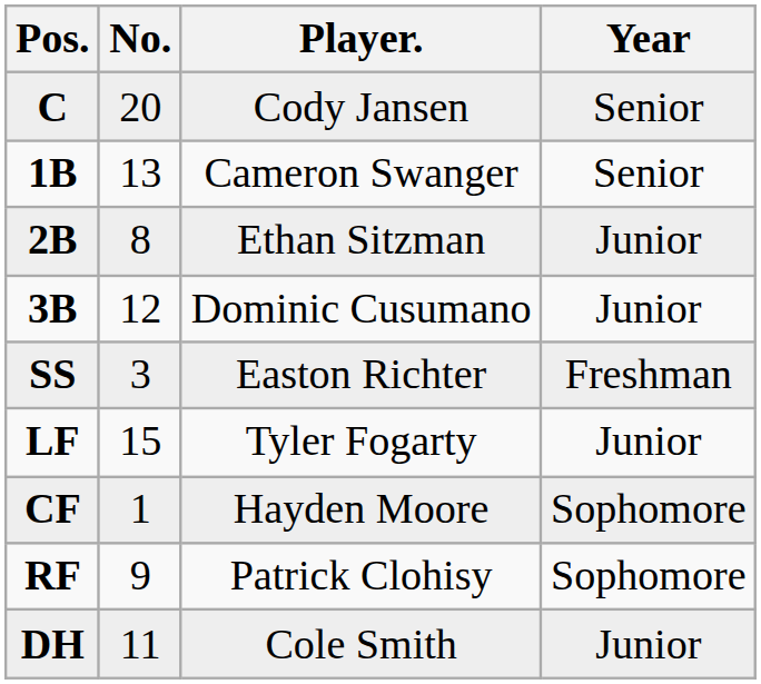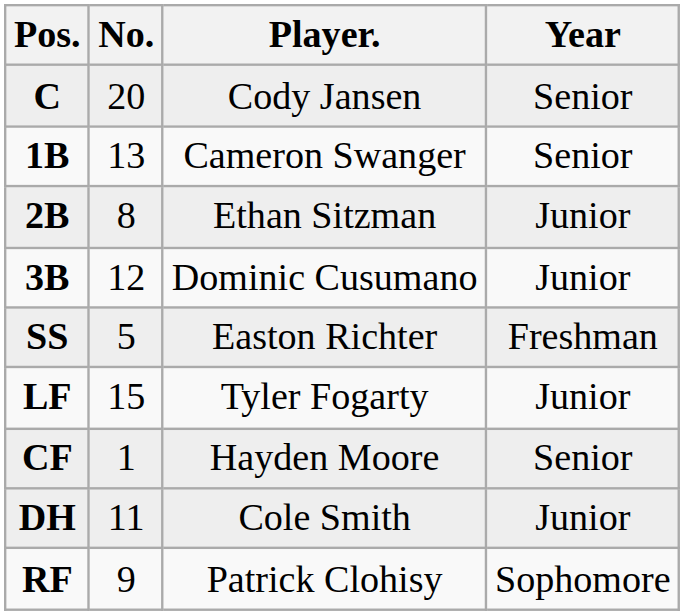 <table class="wikitable non-sortable">
 <tr>
 <th style="text-align:center; ">Pos.</th>
 <th style="text-align:center; ">No.</th>
 <th style="text-align:center; ">Player.</th>
 <th style="text-align:center; ">Year</th>
 </tr>
 <tr style="background:#eeeeee;text-align:center;">
 <td><strong>C</strong></td>
 <td>20</td>
 <td>Cody Jansen</td>
 <td>Senior</td>
 </tr>
 <tr style="text-align:center;">
 <td><strong>1B</strong></td>
 <td>13</td>
 <td>Cameron Swanger</td>
 <td>Senior</td>
 </tr>
 <tr style="background:#eeeeee;text-align:center;">
 <td><strong>2B</strong></td>
 <td>8</td>
 <td>Ethan Sitzman</td>
 <td>Junior</td>
 </tr>
 <tr style="text-align:center;">
 <td><strong>3B</strong></td>
 <td>12</td>
 <td>Dominic Cusumano</td>
 <td>Junior</td>
 </tr>
 <tr style="background:#eeeeee;text-align:center;">
 <td><strong>SS</strong></td>
-<td>3</td>
+<td>5</td>
 <td>Easton Richter</td>
 <td>Freshman</td>
 </tr>
 <tr style="text-align:center;">
 <td><strong>LF</strong></td>
 <td>15</td>
 <td>Tyler Fogarty</td>
 <td>Junior</td>
 </tr>
 <tr style="background:#eeeeee;text-align:center;">
 <td><strong>CF</strong></td>
 <td>1</td>
 <td>Hayden Moore</td>
-<td>Sophomore</td>
+<td>Senior</td>
+</tr>
+<tr style="background:#eeeeee;text-align:center;">
+<td><strong>DH</strong></td>
+<td>11</td>
+<td>Cole Smith</td>
+<td>Junior</td>
 </tr>
 <tr style="text-align:center;">
 <td><strong>RF</strong></td>
 <td>9</td>
 <td>Patrick Clohisy</td>
 <td>Sophomore</td>
 </tr>
-<tr style="background:#eeeeee;text-align:center;">
-<td><strong>DH</strong></td>
-<td>11</td>
-<td>Cole Smith</td>
-<td>Junior</td>
-</tr>
 </table>
